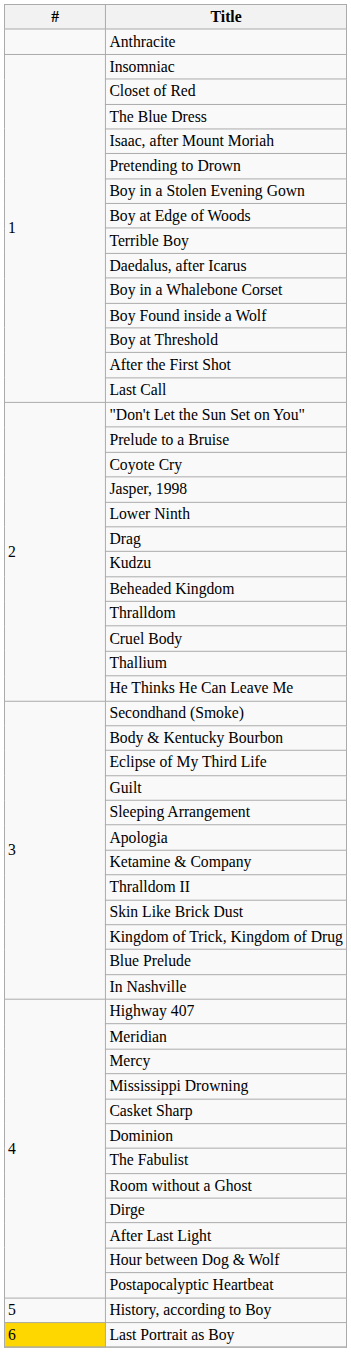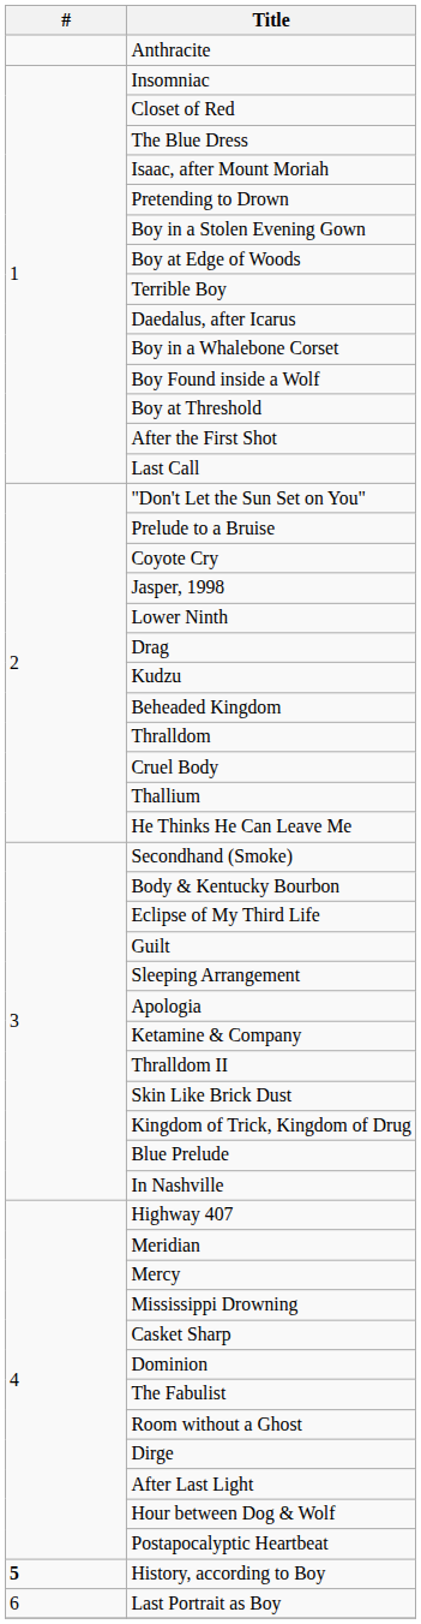 <table class="wikitable">
 <tr>
 <th style="width: 6em;"><strong>#</strong></th>
 <th><strong>Title</strong></th>
 </tr>
 <tr>
 <td></td>
 <td>Anthracite</td>
 </tr>
 <tr>
 <td rowspan="14">1</td>
 <td>Insomniac</td>
 </tr>
 <tr>
 <td>Closet of Red</td>
 </tr>
 <tr>
 <td>The Blue Dress</td>
 </tr>
 <tr>
 <td>Isaac, after Mount Moriah</td>
 </tr>
 <tr>
 <td>Pretending to Drown</td>
 </tr>
 <tr>
 <td>Boy in a Stolen Evening Gown</td>
 </tr>
 <tr>
 <td>Boy at Edge of Woods</td>
 </tr>
 <tr>
 <td>Terrible Boy</td>
 </tr>
 <tr>
 <td>Daedalus, after Icarus</td>
 </tr>
 <tr>
 <td>Boy in a Whalebone Corset</td>
 </tr>
 <tr>
 <td>Boy Found inside a Wolf</td>
 </tr>
 <tr>
 <td>Boy at Threshold</td>
 </tr>
 <tr>
 <td>After the First Shot</td>
 </tr>
 <tr>
 <td>Last Call</td>
 </tr>
 <tr>
 <td rowspan="12">2</td>
 <td>"Don't Let the Sun Set on You"</td>
 </tr>
 <tr>
 <td>Prelude to a Bruise</td>
 </tr>
 <tr>
 <td>Coyote Cry</td>
 </tr>
 <tr>
 <td>Jasper, 1998</td>
 </tr>
 <tr>
 <td>Lower Ninth</td>
 </tr>
 <tr>
 <td>Drag</td>
 </tr>
 <tr>
 <td>Kudzu</td>
 </tr>
 <tr>
 <td>Beheaded Kingdom</td>
 </tr>
 <tr>
 <td>Thralldom</td>
 </tr>
 <tr>
 <td>Cruel Body</td>
 </tr>
 <tr>
 <td>Thallium</td>
 </tr>
 <tr>
 <td>He Thinks He Can Leave Me</td>
 </tr>
 <tr>
 <td rowspan="12">3</td>
 <td>Secondhand (Smoke)</td>
 </tr>
 <tr>
 <td>Body & Kentucky Bourbon</td>
 </tr>
 <tr>
 <td>Eclipse of My Third Life</td>
 </tr>
 <tr>
 <td>Guilt</td>
 </tr>
 <tr>
 <td>Sleeping Arrangement</td>
 </tr>
 <tr>
 <td>Apologia</td>
 </tr>
 <tr>
 <td>Ketamine & Company</td>
 </tr>
 <tr>
 <td>Thralldom II</td>
 </tr>
 <tr>
 <td>Skin Like Brick Dust</td>
 </tr>
 <tr>
 <td>Kingdom of Trick, Kingdom of Drug</td>
 </tr>
 <tr>
 <td>Blue Prelude</td>
 </tr>
 <tr>
 <td>In Nashville</td>
 </tr>
 <tr>
 <td rowspan="12">4</td>
 <td>Highway 407</td>
 </tr>
 <tr>
 <td>Meridian</td>
 </tr>
 <tr>
 <td>Mercy</td>
 </tr>
 <tr>
 <td>Mississippi Drowning</td>
 </tr>
 <tr>
 <td>Casket Sharp</td>
 </tr>
 <tr>
 <td>Dominion</td>
 </tr>
 <tr>
 <td>The Fabulist</td>
 </tr>
 <tr>
 <td>Room without a Ghost</td>
 </tr>
 <tr>
 <td>Dirge</td>
 </tr>
 <tr>
 <td>After Last Light</td>
 </tr>
 <tr>
 <td>Hour between Dog & Wolf</td>
 </tr>
 <tr>
 <td>Postapocalyptic Heartbeat</td>
 </tr>
 <tr>
-<td>5</td>
+<td><strong>5</strong></td>
 <td>History, according to Boy</td>
 </tr>
 <tr>
-<td style="background: gold;">6</td>
+<td>6</td>
 <td>Last Portrait as Boy</td>
 </tr>
 <tr>
 </tr>
 </table>
